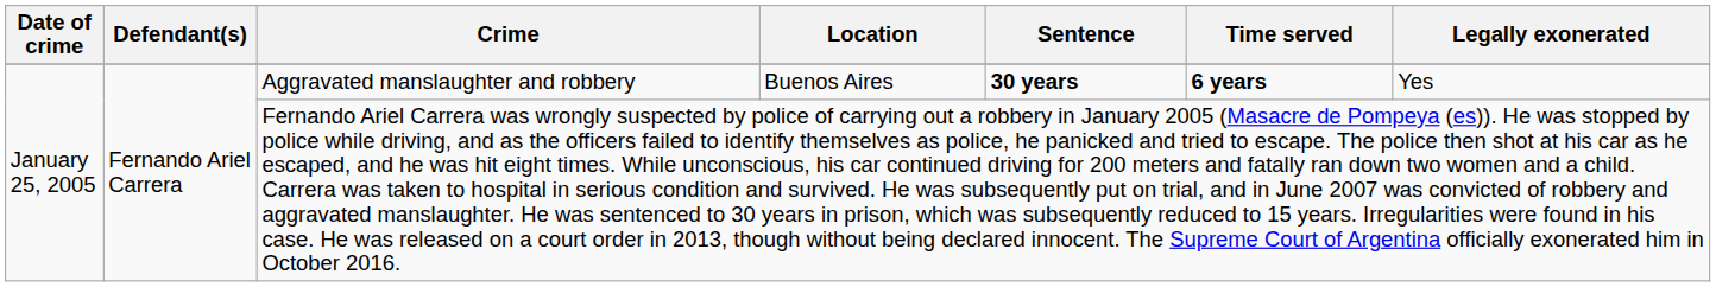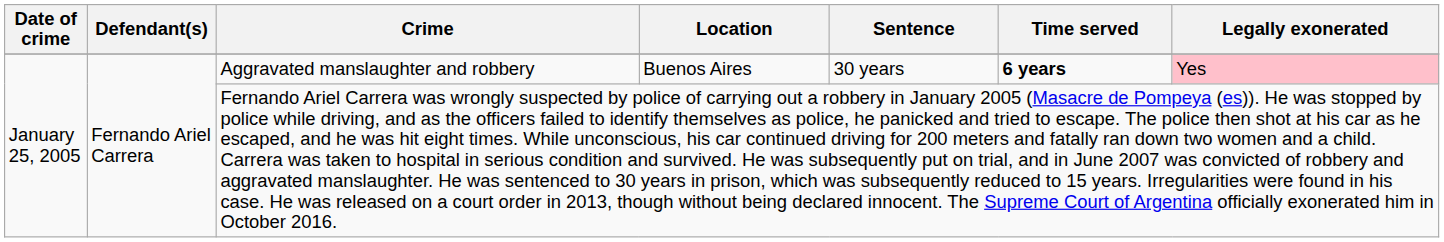 <table class="wikitable sortable">
 <tr>
 <th>Date of crime</th>
 <th>Defendant(s)</th>
 <th>Crime</th>
 <th>Location</th>
 <th>Sentence</th>
 <th>Time served</th>
 <th>Legally exonerated</th>
 </tr>
 <tr>
 </tr>
 <tr ->
 <td rowspan="2">January 25, 2005</td>
 <td rowspan="2">Fernando Ariel Carrera</td>
 <td>Aggravated manslaughter and robbery</td>
 <td>Buenos Aires</td>
-<td><strong>30 years</strong></td>
+<td>30 years</td>
 <td><strong>6 years</strong></td>
-<td>Yes</td>
+<td style="background: pink;">Yes</td>
 </tr>
 <tr>
 <td colspan=5>Fernando Ariel Carrera was wrongly suspected by police of carrying out a robbery in January 2005 (<a href='#'>Masacre de Pompeya</a> (<a href='#'>es</a>)). He was stopped by police while driving, and as the officers failed to identify themselves as police, he panicked and tried to escape. The police then shot at his car as he escaped, and he was hit eight times. While unconscious, his car continued driving for 200 meters and fatally ran down two women and a child. Carrera was taken to hospital in serious condition and survived. He was subsequently put on trial, and in June 2007 was convicted of robbery and aggravated manslaughter. He was sentenced to 30 years in prison, which was subsequently reduced to 15 years. Irregularities were found in his case. He was released on a court order in 2013, though without being declared innocent. The <a href='#'>Supreme Court of Argentina</a> officially exonerated him in October 2016.</td>
 </tr>
 </table>
